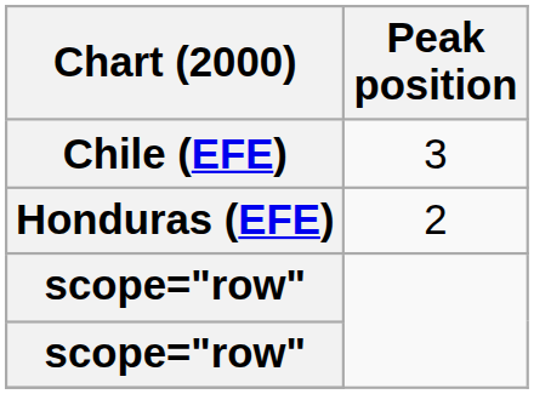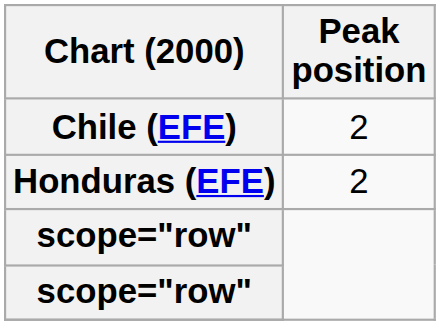 <table class="wikitable sortable plainrowheaders">
 <tr>
 <th>Chart (2000)</th>
 <th>Peak<br>position</th>
 </tr>
 <tr>
 <th scope="row">Chile (<a href='#'>EFE</a>)</th>
-<td style="text-align:center;">3</td>
+<td style="text-align:center;">2</td>
 </tr>
 <tr>
 <th scope="row">Honduras (<a href='#'>EFE</a>)</th>
 <td style="text-align:center;">2</td>
 </tr>
 <tr>
 <th>scope="row"</th>
 </tr>
 <tr>
 <th>scope="row"</th>
 </tr>
 <tr>
 </tr>
 </table>
